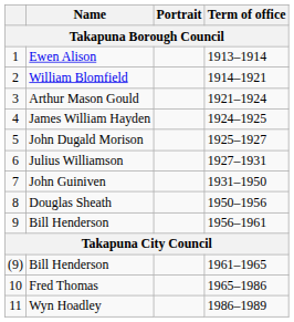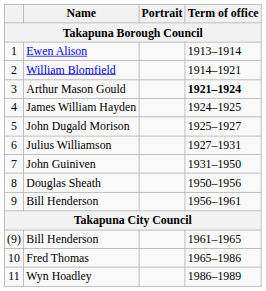 <table class="wikitable">
 <tr>
 <th></th>
 <th>Name</th>
 <th>Portrait</th>
 <th>Term of office</th>
 </tr>
 <tr>
 <th colspan=4>Takapuna Borough Council</th>
 </tr>
 <tr>
 <td align=center>1</td>
 <td><a href='#'>Ewen Alison</a></td>
 <td></td>
 <td>1913–1914</td>
 </tr>
 <tr>
 <td align=center>2</td>
 <td><a href='#'>William Blomfield</a></td>
 <td></td>
 <td>1914–1921</td>
 </tr>
 <tr>
 <td align=center>3</td>
 <td>Arthur Mason Gould</td>
 <td></td>
-<td>1921–1924</td>
+<td><strong>1921–1924</strong></td>
 </tr>
 <tr>
 <td align=center>4</td>
 <td>James William Hayden</td>
 <td></td>
 <td>1924–1925</td>
 </tr>
 <tr>
 <td align=center>5</td>
 <td>John Dugald Morison</td>
 <td></td>
 <td>1925–1927</td>
 </tr>
 <tr>
 <td align=center>6</td>
 <td>Julius Williamson </td>
 <td></td>
 <td>1927–1931</td>
 </tr>
 <tr>
 <td align=center>7</td>
 <td>John Guiniven</td>
 <td></td>
 <td>1931–1950</td>
 </tr>
 <tr>
 <td align=center>8</td>
 <td>Douglas Sheath </td>
 <td></td>
 <td>1950–1956</td>
 </tr>
 <tr>
 <td align=center>9</td>
 <td>Bill Henderson </td>
 <td></td>
 <td>1956–1961</td>
 </tr>
 <tr>
 <th colspan=4>Takapuna City Council</th>
 </tr>
 <tr>
 <td align=center>(9)</td>
 <td>Bill Henderson </td>
 <td></td>
 <td>1961–1965</td>
 </tr>
 <tr>
 <td align=center>10</td>
 <td>Fred Thomas </td>
 <td></td>
 <td>1965–1986</td>
 </tr>
 <tr>
 <td align=center>11</td>
 <td>Wyn Hoadley</td>
 <td></td>
 <td>1986–1989</td>
 </tr>
 </table>
